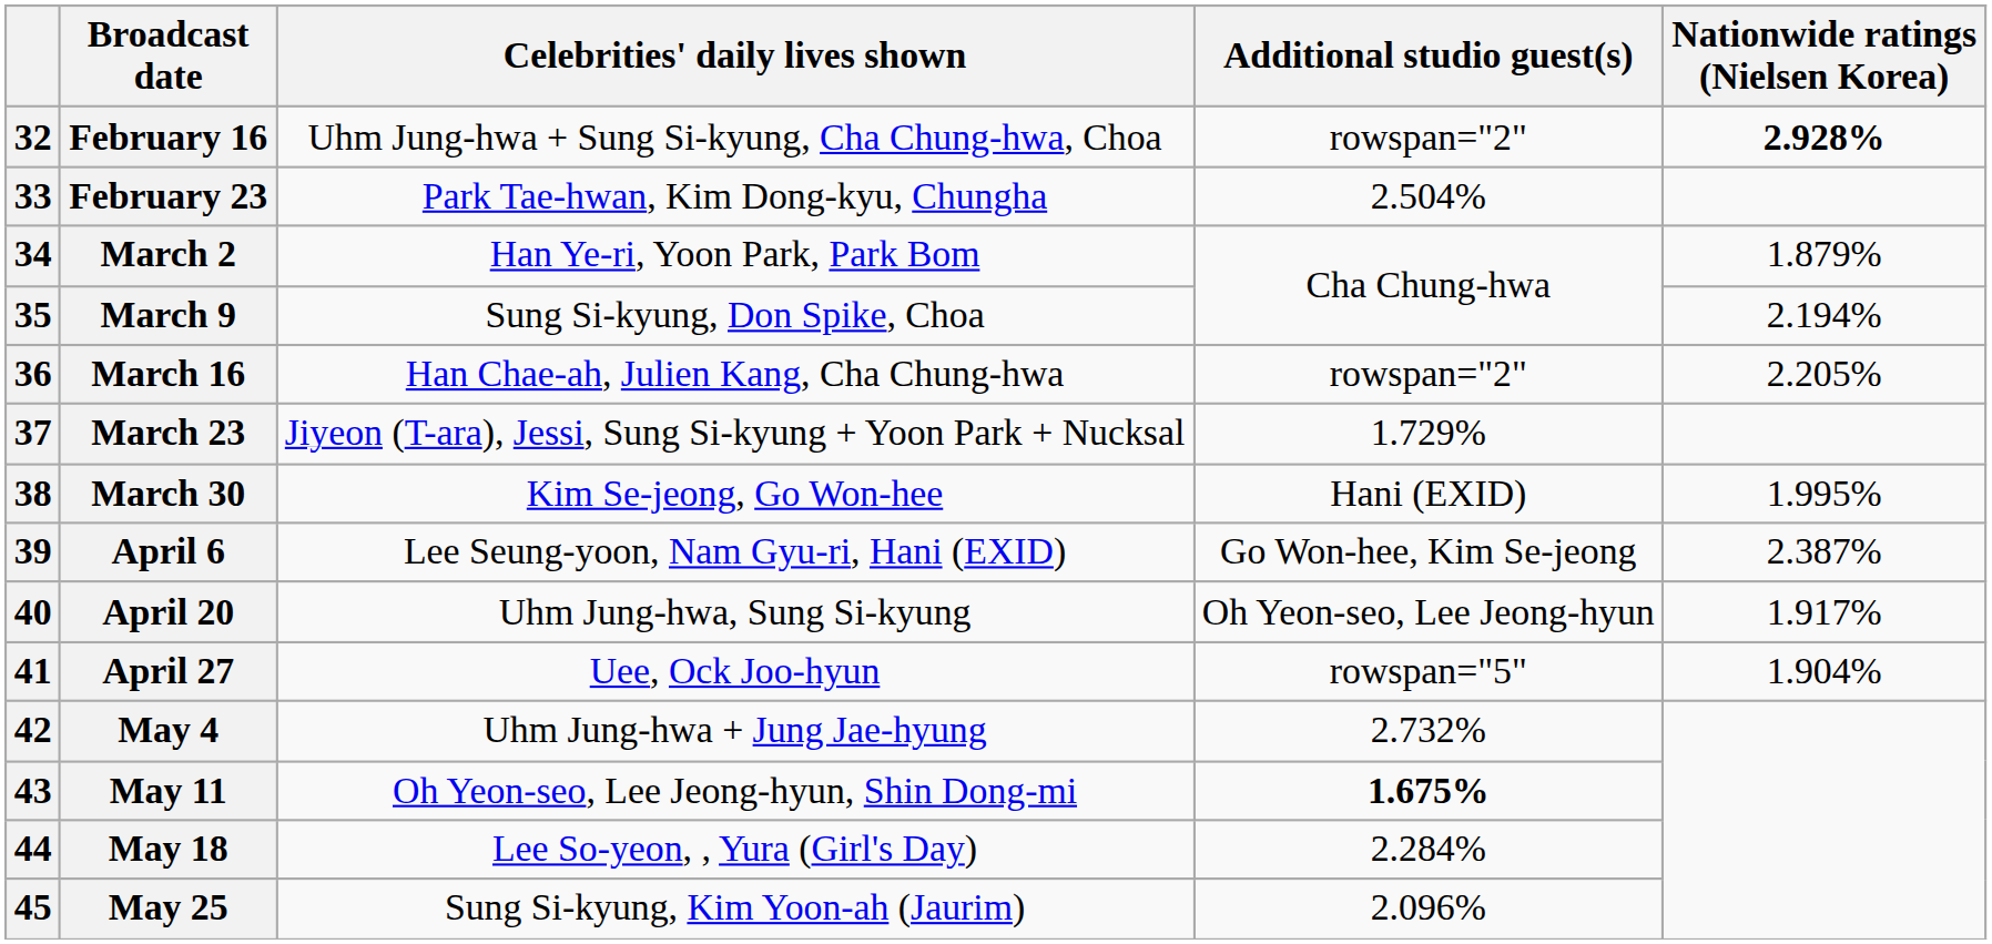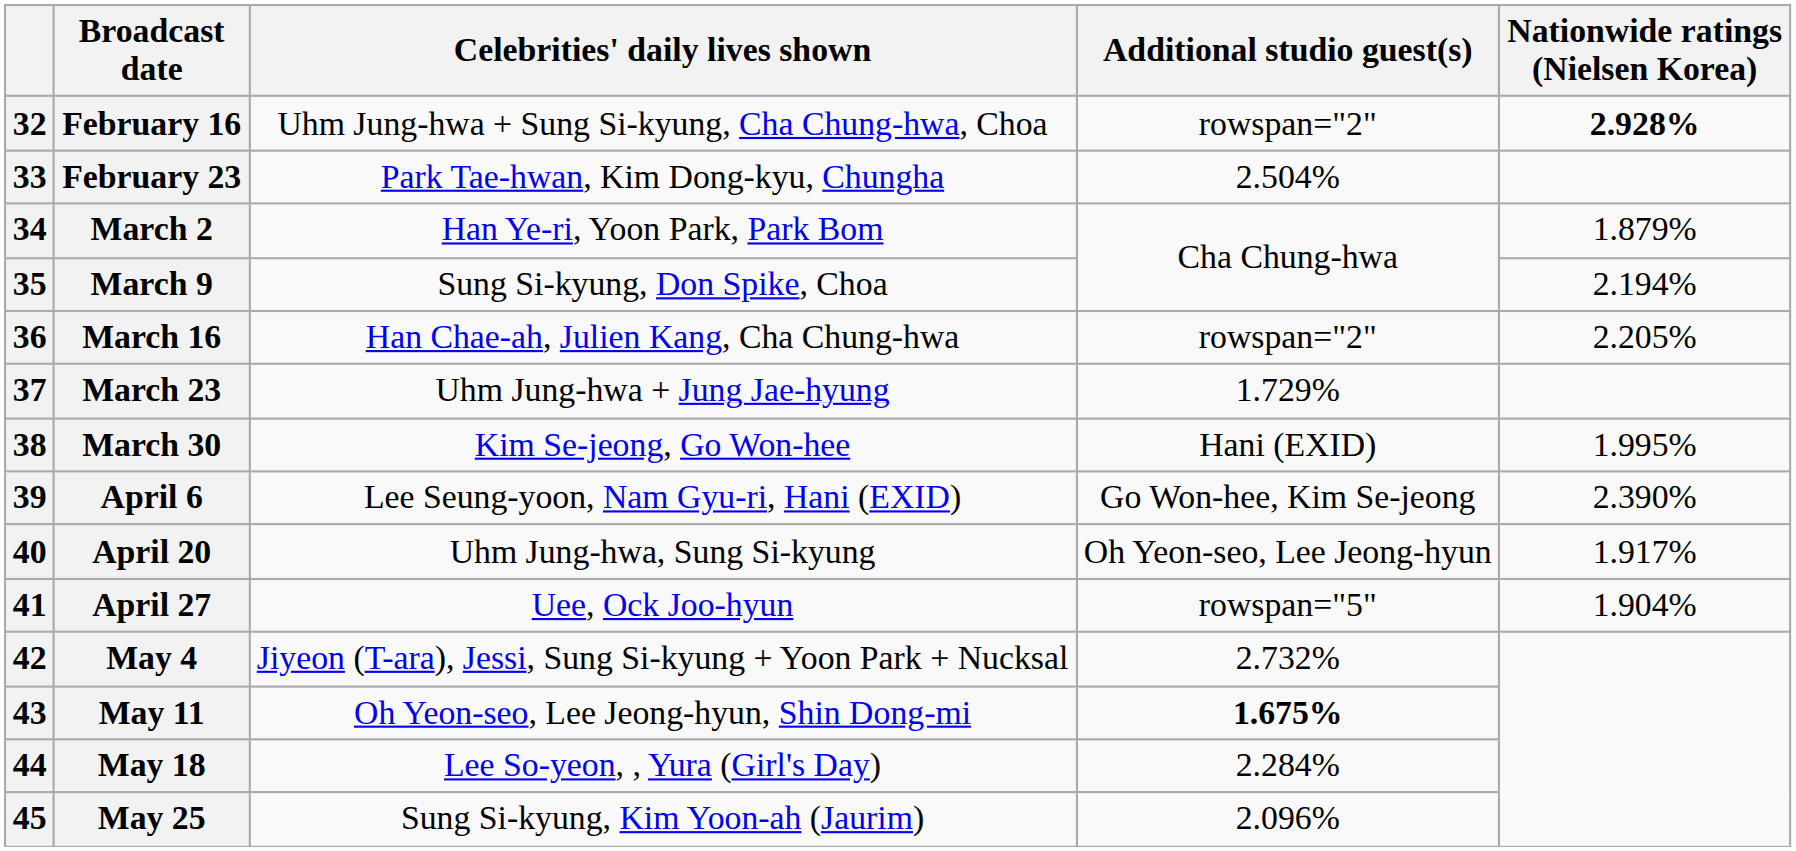 <table Class ="wikitable" style="text-align:center">
 <tr>
 <th></th>
 <th>Broadcast<br>date</th>
 <th>Celebrities' daily lives shown</th>
 <th>Additional studio guest(s)</th>
 <th>Nationwide ratings<br>(Nielsen Korea)</th>
 </tr>
 <tr>
 <th>32</th>
 <th>February 16</th>
 <td>Uhm Jung-hwa + Sung Si-kyung, <a href='#'>Cha Chung-hwa</a>, Choa</td>
 <td>rowspan="2" </td>
 <td><span><strong>2.928%</strong></span></td>
 </tr>
 <tr>
 <th>33</th>
 <th>February 23</th>
 <td><a href='#'>Park Tae-hwan</a>, Kim Dong-kyu, <a href='#'>Chungha</a></td>
 <td>2.504%</td>
 </tr>
 <tr>
 <th>34</th>
 <th>March 2</th>
 <td><a href='#'>Han Ye-ri</a>, Yoon Park, <a href='#'>Park Bom</a></td>
 <td rowspan="2">Cha Chung-hwa</td>
 <td>1.879%</td>
 </tr>
 <tr>
 <th>35</th>
 <th>March 9</th>
 <td>Sung Si-kyung, <a href='#'>Don Spike</a>, Choa</td>
 <td>2.194%</td>
 </tr>
 <tr>
 <th>36</th>
 <th>March 16</th>
 <td><a href='#'>Han Chae-ah</a>, <a href='#'>Julien Kang</a>, Cha Chung-hwa</td>
 <td>rowspan="2" </td>
 <td>2.205%</td>
 </tr>
 <tr>
 <th>37</th>
 <th>March 23</th>
-<td><a href='#'>Jiyeon</a> (<a href='#'>T-ara</a>), <a href='#'>Jessi</a>, Sung Si-kyung + Yoon Park + Nucksal</td>
+<td>Uhm Jung-hwa + <a href='#'>Jung Jae-hyung</a></td>
 <td>1.729%</td>
 </tr>
 <tr>
 <th>38</th>
 <th>March 30</th>
 <td><a href='#'>Kim Se-jeong</a>, <a href='#'>Go Won-hee</a></td>
 <td>Hani (EXID)</td>
 <td>1.995%</td>
 </tr>
 <tr>
 <th>39</th>
 <th>April 6</th>
 <td>Lee Seung-yoon, <a href='#'>Nam Gyu-ri</a>, <a href='#'>Hani</a> (<a href='#'>EXID</a>)</td>
 <td>Go Won-hee, Kim Se-jeong</td>
-<td>2.387%</td>
+<td>2.390%</td>
 </tr>
 <tr>
 <th>40</th>
 <th>April 20</th>
 <td>Uhm Jung-hwa, Sung Si-kyung</td>
 <td>Oh Yeon-seo, Lee Jeong-hyun</td>
 <td>1.917%</td>
 </tr>
 <tr>
 <th>41</th>
 <th>April 27</th>
 <td><a href='#'>Uee</a>, <a href='#'>Ock Joo-hyun</a></td>
 <td>rowspan="5" </td>
 <td>1.904%</td>
 </tr>
 <tr>
 <th>42</th>
 <th>May 4</th>
-<td>Uhm Jung-hwa + <a href='#'>Jung Jae-hyung</a></td>
+<td><a href='#'>Jiyeon</a> (<a href='#'>T-ara</a>), <a href='#'>Jessi</a>, Sung Si-kyung + Yoon Park + Nucksal</td>
 <td>2.732%</td>
 </tr>
 <tr>
 <th>43</th>
 <th>May 11</th>
 <td><a href='#'>Oh Yeon-seo</a>, Lee Jeong-hyun, <a href='#'>Shin Dong-mi</a></td>
 <td><span><strong>1.675%</strong></span></td>
 </tr>
 <tr>
 <th>44</th>
 <th>May 18</th>
 <td><a href='#'>Lee So-yeon</a>, , <a href='#'>Yura</a> (<a href='#'>Girl's Day</a>)</td>
 <td>2.284%</td>
 </tr>
 <tr>
 <th>45</th>
 <th>May 25</th>
 <td>Sung Si-kyung, <a href='#'>Kim Yoon-ah</a> (<a href='#'>Jaurim</a>)</td>
 <td>2.096%</td>
 </tr>
 <tr>
 </tr>
 </table>
